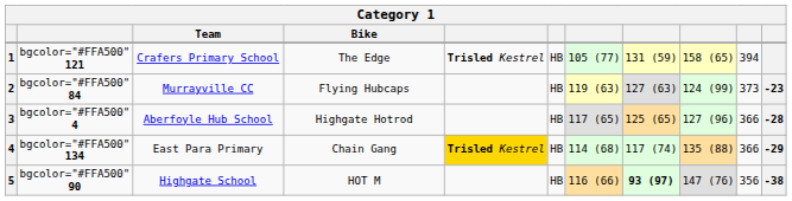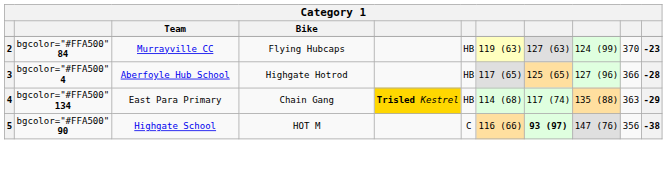 <table class="wikitable collapsible collapsed" style="font-size: 85%; text-align:center">
 <tr>
 <th colspan="11" width="500"><big>Category 1</big></th>
 </tr>
 <tr>
 <th valign="middle" width="5"></th>
 <th valign="middle" width="10"></th>
 <th valign="middle" width="150">Team</th>
 <th valign="middle" width="160">Bike</th>
 <th valign="middle" width="100"></th>
 <th valign="middle" width="6"></th>
 <th><a href='#'></a><br></th>
 <th><a href='#'></a><br></th>
 <th><a href='#'></a><br></th>
 <th valign="middle" width="4"></th>
 <th width="5" valign="middle"></th>
 </tr>
 <tr>
 </tr>
-<tr style="border-top:2px solid #aaaaaa">
-<th>1</th>
-<td>bgcolor="#FFA500" <strong>121</strong></td>
-<td> <a href='#'>Crafers Primary School</a></td>
-<td>The Edge</td>
-<td><strong>Trisled</strong> <em>Kestrel</em></td>
-<td valign="middle">HB</td>
-<td bgcolor="#dfffdf">105 (77)</td>
-<td bgcolor="#FFFFBF">131 (59)</td>
-<td bgcolor="#FFFFBF">158 (65)</td>
-<td>394</td>
-<th></th>
-</tr>
 <tr>
 <th>2</th>
 <td>bgcolor="#FFA500" <strong>84</strong></td>
 <td> <a href='#'>Murrayville CC</a></td>
 <td>Flying Hubcaps</td>
 <td></td>
 <td valign="middle">HB</td>
 <td bgcolor="#FFFFBF">119 (63)</td>
 <td bgcolor="#dfdfdf">127 (63)</td>
 <td bgcolor="#dfffdf">124 (99)</td>
-<td>373</td>
+<td>370</td>
 <th>-23</th>
 </tr>
 <tr>
 <th>3</th>
 <td>bgcolor="#FFA500" <strong>4</strong></td>
 <td> <a href='#'>Aberfoyle Hub School</a></td>
 <td>Highgate Hotrod</td>
 <td></td>
 <td valign="middle">HB</td>
 <td bgcolor="#dfdfdf">117 (65)</td>
 <td bgcolor="#ffdf9f">125 (65)</td>
 <td bgcolor="#dfffdf">127 (96)</td>
 <td>366</td>
 <th>-28</th>
 </tr>
 <tr>
 <th>4</th>
 <td>bgcolor="#FFA500" <strong>134</strong></td>
 <td> East Para Primary</td>
 <td>Chain Gang</td>
 <td style="background: gold;"><strong>Trisled</strong> <em>Kestrel</em></td>
 <td valign="middle">HB</td>
 <td bgcolor="#dfffdf">114 (68)</td>
 <td bgcolor="#dfffdf">117 (74)</td>
 <td bgcolor="#ffdf9f">135 (88)</td>
-<td>366</td>
+<td>363</td>
 <th>-29</th>
 </tr>
 <tr>
 <th>5</th>
 <td>bgcolor="#FFA500" <strong>90</strong></td>
 <td> <a href='#'>Highgate School</a></td>
 <td>HOT M</td>
 <td></td>
-<td valign="middle">HB</td>
+<td valign="middle">C</td>
 <td bgcolor="#ffdf9f">116 (66)</td>
 <td bgcolor="#dfffdf"><strong>93 (97)</strong></td>
 <td bgcolor="#dfdfdf">147 (76)</td>
 <td>356</td>
 <th>-38</th>
 </tr>
 </table>
